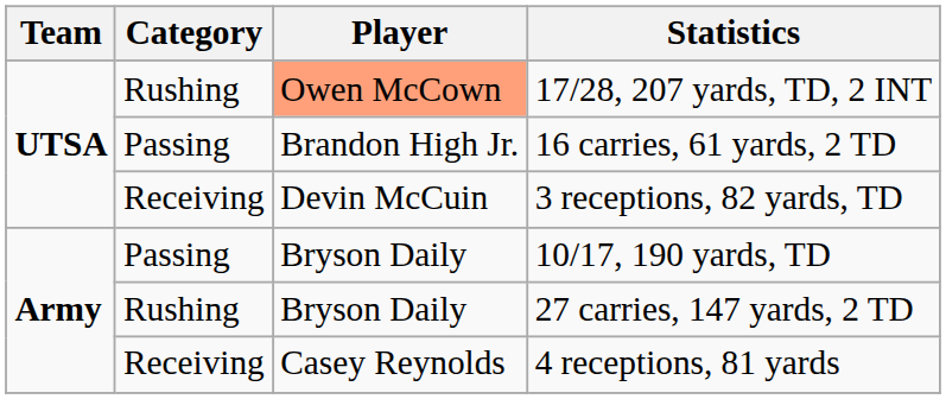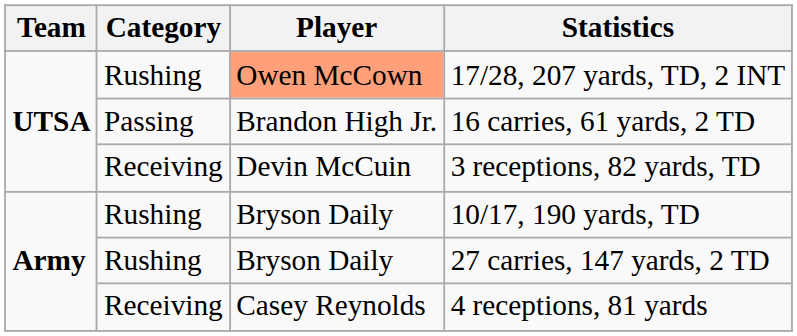 <table class="wikitable" style="float: right;">
 <tr>
 <th>Team</th>
 <th>Category</th>
 <th>Player</th>
 <th>Statistics</th>
 </tr>
 <tr>
 <td rowspan=3><strong>UTSA</strong></td>
 <td>Rushing</td>
 <td style="background: lightsalmon;">Owen McCown</td>
 <td>17/28, 207 yards, TD, 2 INT</td>
 </tr>
 <tr>
 <td>Passing</td>
 <td>Brandon High Jr.</td>
 <td>16 carries, 61 yards, 2 TD</td>
 </tr>
 <tr>
 <td>Receiving</td>
 <td>Devin McCuin</td>
 <td>3 receptions, 82 yards, TD</td>
 </tr>
 <tr>
 <td rowspan=3><strong>Army</strong></td>
-<td>Passing</td>
+<td>Rushing</td>
 <td>Bryson Daily</td>
 <td>10/17, 190 yards, TD</td>
 </tr>
 <tr>
 <td>Rushing</td>
 <td>Bryson Daily</td>
 <td>27 carries, 147 yards, 2 TD</td>
 </tr>
 <tr>
 <td>Receiving</td>
 <td>Casey Reynolds</td>
 <td>4 receptions, 81 yards</td>
 </tr>
 </table>
